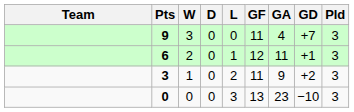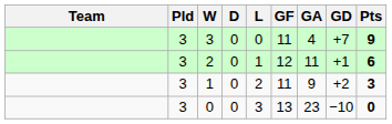 <table class="wikitable" style="text-align: center;">
 <tr>
 <th width="175">Team</th>
-<th width="20">Pts</th>
+<th width="20">Pld</th>
 <th width="20">W</th>
 <th width="20">D</th>
 <th width="20">L</th>
 <th width="20">GF</th>
 <th width="20">GA</th>
 <th width="20">GD</th>
-<th width="20">Pld</th>
+<th width="20">Pts</th>
 </tr>
 <tr bgcolor=#ccffcc>
 <td align=left></td>
-<td><strong>9</strong></td>
+<td>3</td>
 <td>3</td>
 <td>0</td>
 <td>0</td>
 <td>11</td>
 <td>4</td>
 <td>+7</td>
-<td>3</td>
+<td><strong>9</strong></td>
 </tr>
 <tr bgcolor=#ccffcc>
 <td align=left></td>
-<td><strong>6</strong></td>
+<td>3</td>
 <td>2</td>
 <td>0</td>
 <td>1</td>
 <td>12</td>
 <td>11</td>
 <td>+1</td>
-<td>3</td>
+<td><strong>6</strong></td>
 </tr>
 <tr>
 <td align=left></td>
-<td><strong>3</strong></td>
+<td>3</td>
 <td>1</td>
 <td>0</td>
 <td>2</td>
 <td>11</td>
 <td>9</td>
 <td>+2</td>
-<td>3</td>
+<td><strong>3</strong></td>
 </tr>
 <tr>
 <td align=left></td>
-<td><strong>0</strong></td>
+<td>3</td>
 <td>0</td>
 <td>0</td>
 <td>3</td>
 <td>13</td>
 <td>23</td>
 <td>−10</td>
-<td>3</td>
+<td><strong>0</strong></td>
 </tr>
 </table>
